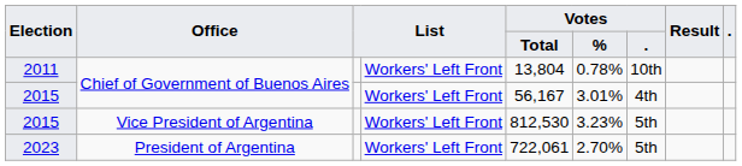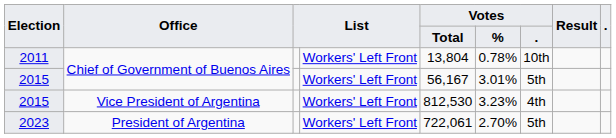 <table class="wikitable" style="font-size:90%; text-align:center;">
 <tr>
 <th style="background-color:#EAECF0;" rowspan=2>Election</th>
 <th style="background-color:#EAECF0;" rowspan=2>Office</th>
 <th style="background-color:#EAECF0;" colspan=2 rowspan=2>List</th>
 <th style="background-color:#EAECF0;" colspan=3>Votes</th>
 <th style="background-color:#EAECF0;" rowspan=2>Result</th>
 <th style="background-color:#EAECF0;" rowspan=2>.</th>
 </tr>
 <tr>
 <th style="background-color:#EAECF0;">Total</th>
 <th style="background-color:#EAECF0;">%</th>
 <th style="background-color:#EAECF0;">.</th>
 </tr>
 <tr>
 <td style="background-color:#EAECF0;"><a href='#'>2011</a></td>
 <td rowspan=2><a href='#'>Chief of Government of Buenos Aires</a></td>
 <td style="background-color:"></td>
 <td><a href='#'>Workers' Left Front</a></td>
 <td>13,804</td>
 <td>0.78%</td>
 <td>10th</td>
 <td></td>
 <td></td>
 </tr>
 <tr>
 <td style="background-color:#EAECF0;"><a href='#'>2015</a></td>
 <td style="background-color:"></td>
 <td><a href='#'>Workers' Left Front</a></td>
 <td>56,167</td>
 <td>3.01%</td>
-<td>4th</td>
+<td>5th</td>
 <td></td>
 <td></td>
 </tr>
 <tr>
 <td style="background-color:#EAECF0;"><a href='#'>2015</a></td>
 <td><a href='#'>Vice President of Argentina</a></td>
 <td style="background-color:"></td>
 <td><a href='#'>Workers' Left Front</a></td>
 <td>812,530</td>
 <td>3.23%</td>
-<td>5th</td>
+<td>4th</td>
 <td></td>
 <td></td>
 </tr>
 <tr>
 <td style="background-color:#EAECF0;"><a href='#'>2023</a></td>
 <td><a href='#'>President of Argentina</a></td>
 <td style="background-color:"></td>
 <td><a href='#'>Workers' Left Front</a></td>
 <td>722,061</td>
 <td>2.70%</td>
 <td>5th</td>
 <td></td>
 <td></td>
 </tr>
 </table>
